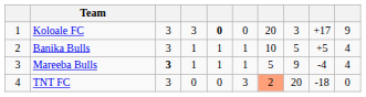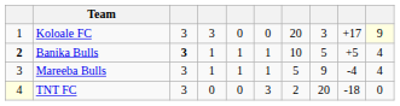 <table class="wikitable" style="text-align: center;">
 <tr>
 <th width="30"></th>
 <th width="175">Team</th>
 <th width="30"></th>
 <th width="30"></th>
 <th width="30"></th>
 <th width="30"></th>
 <th width="30"></th>
 <th width="30"></th>
 <th width="30"></th>
 <th width="30"></th>
 </tr>
 <tr>
 <td>1</td>
 <td align="left"><a href='#'>Koloale FC</a></td>
 <td>3</td>
 <td>3</td>
-<td><strong>0</strong></td>
+<td>0</td>
 <td>0</td>
 <td>20</td>
 <td>3</td>
 <td>+17</td>
-<td>9</td>
+<td style="background: lightyellow;">9</td>
 </tr>
 <tr>
-<td>2</td>
+<td><strong>2</strong></td>
 <td align="left"><a href='#'>Banika Bulls</a></td>
-<td>3</td>
+<td><strong>3</strong></td>
 <td>1</td>
 <td>1</td>
 <td>1</td>
 <td>10</td>
 <td>5</td>
 <td>+5</td>
 <td>4</td>
 </tr>
 <tr>
 <td>3</td>
 <td align="left"><a href='#'>Mareeba Bulls</a></td>
-<td><strong>3</strong></td>
+<td>3</td>
 <td>1</td>
 <td>1</td>
 <td>1</td>
 <td>5</td>
 <td>9</td>
 <td>-4</td>
 <td>4</td>
 </tr>
 <tr>
-<td>4</td>
+<td style="background: lightyellow;">4</td>
 <td align="left"><a href='#'>TNT FC</a></td>
 <td>3</td>
 <td>0</td>
 <td>0</td>
 <td>3</td>
-<td style="background: lightsalmon;">2</td>
+<td>2</td>
 <td>20</td>
 <td>-18</td>
 <td>0</td>
 </tr>
 </table>
